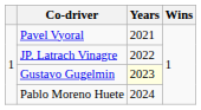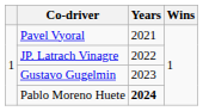 <table class="wikitable">
 <tr>
 <th></th>
 <th>Co-driver</th>
 <th>Years</th>
 <th>Wins</th>
 </tr>
 <tr>
 <td rowspan="4">1</td>
 <td> <a href='#'>Pavel Vyoral</a></td>
 <td>2021</td>
 <td rowspan="4">1</td>
 </tr>
 <tr>
 <td> <a href='#'>JP. Latrach Vinagre</a></td>
 <td>2022</td>
 </tr>
 <tr>
 <td> <a href='#'>Gustavo Gugelmin</a></td>
-<td style="background: lightyellow;">2023</td>
+<td>2023</td>
 </tr>
 <tr>
 <td> Pablo Moreno Huete</td>
-<td>2024</td>
+<td><strong>2024</strong></td>
 </tr>
 </table>
